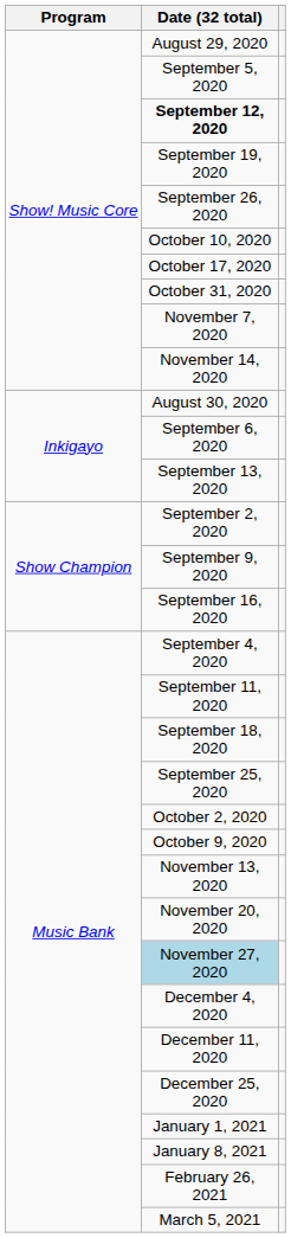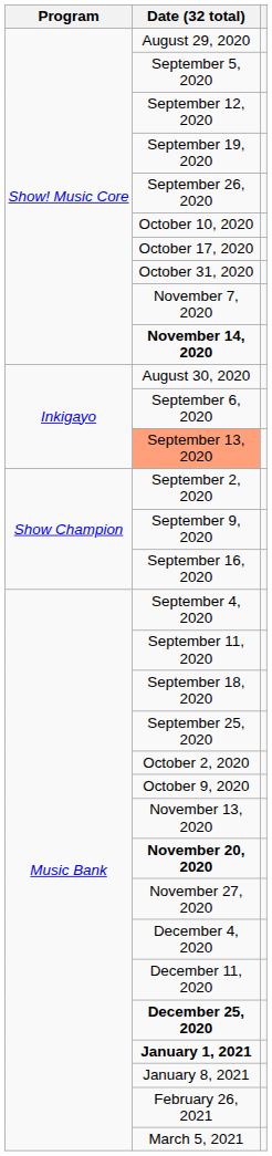 <table class="wikitable sortable plainrowheaders" style="text-align:center;">
 <tr>
 <th>Program</th>
 <th width="130">Date (32 total)</th>
 <th class="unsortable"></th>
 </tr>
 <tr>
 <td rowspan="10"><em><a href='#'>Show! Music Core</a></em></td>
 <td>August 29, 2020</td>
 <td></td>
 </tr>
 <tr>
 <td>September 5, 2020</td>
 <td></td>
 </tr>
 <tr>
-<td><strong>September 12, 2020</strong></td>
+<td>September 12, 2020</td>
 <td></td>
 </tr>
 <tr>
 <td>September 19, 2020</td>
 <td></td>
 </tr>
 <tr>
 <td>September 26, 2020</td>
 <td></td>
 </tr>
 <tr>
 <td>October 10, 2020</td>
 <td></td>
 </tr>
 <tr>
 <td>October 17, 2020</td>
 <td></td>
 </tr>
 <tr>
 <td>October 31, 2020</td>
 <td></td>
 </tr>
 <tr>
 <td>November 7, 2020</td>
 <td></td>
 </tr>
 <tr>
-<td>November 14, 2020</td>
+<td><strong>November 14, 2020</strong></td>
 <td></td>
 </tr>
 <tr>
 <td rowspan="3"><em><a href='#'>Inkigayo</a></em></td>
 <td>August 30, 2020</td>
 <td></td>
 </tr>
 <tr>
 <td>September 6, 2020</td>
 <td></td>
 </tr>
 <tr>
-<td>September 13, 2020</td>
+<td style="background: lightsalmon;">September 13, 2020</td>
 <td></td>
 </tr>
 <tr>
 <td rowspan="3"><em><a href='#'>Show Champion</a></em></td>
 <td>September 2, 2020</td>
 <td></td>
 </tr>
 <tr>
 <td>September 9, 2020</td>
 <td></td>
 </tr>
 <tr>
 <td>September 16, 2020</td>
 <td></td>
 </tr>
 <tr>
 <td rowspan="16"><em><a href='#'>Music Bank</a></em></td>
 <td>September 4, 2020</td>
 <td></td>
 </tr>
 <tr>
 <td>September 11, 2020</td>
 <td></td>
 </tr>
 <tr>
 <td>September 18, 2020</td>
 <td></td>
 </tr>
 <tr>
 <td>September 25, 2020</td>
 <td></td>
 </tr>
 <tr>
 <td>October 2, 2020</td>
 <td></td>
 </tr>
 <tr>
 <td>October 9, 2020</td>
 <td></td>
 </tr>
 <tr>
 <td>November 13, 2020</td>
 <td></td>
 </tr>
 <tr>
-<td>November 20, 2020</td>
+<td><strong>November 20, 2020</strong></td>
 <td></td>
 </tr>
 <tr>
-<td style="background: lightblue;">November 27, 2020</td>
+<td>November 27, 2020</td>
 <td></td>
 </tr>
 <tr>
 <td>December 4, 2020</td>
 <td></td>
 </tr>
 <tr>
 <td>December 11, 2020</td>
 <td></td>
 </tr>
 <tr>
-<td>December 25, 2020</td>
+<td><strong>December 25, 2020</strong></td>
 <td></td>
 </tr>
 <tr>
-<td>January 1, 2021</td>
+<td><strong>January 1, 2021</strong></td>
 <td></td>
 </tr>
 <tr>
 <td>January 8, 2021</td>
 <td></td>
 </tr>
 <tr>
 <td>February 26, 2021</td>
 <td></td>
 </tr>
 <tr>
 <td>March 5, 2021</td>
 <td></td>
 </tr>
 </table>
